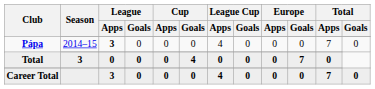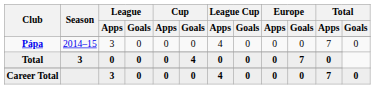 <table class="wikitable" style="font-size:90%; text-align: center;">
 <tr>
 <th rowspan="2">Club</th>
 <th rowspan="2">Season</th>
 <th colspan="2">League</th>
 <th colspan="2">Cup</th>
 <th colspan="2">League Cup</th>
 <th colspan="2">Europe</th>
 <th colspan="2">Total</th>
 </tr>
 <tr>
 <th>Apps</th>
 <th>Goals</th>
 <th>Apps</th>
 <th>Goals</th>
 <th>Apps</th>
 <th>Goals</th>
 <th>Apps</th>
 <th>Goals</th>
 <th>Apps</th>
 <th>Goals</th>
 </tr>
 <tr ||-||-||-|->
 <td rowspan="3" valign="center"><strong><a href='#'>Pápa</a></strong></td>
 </tr>
 <tr>
 <td><a href='#'>2014–15</a></td>
-<td><strong>3</strong></td>
+<td>3</td>
 <td>0</td>
 <td>0</td>
 <td>0</td>
 <td>4</td>
 <td>0</td>
 <td>0</td>
 <td>0</td>
 <td>7</td>
 <td>0</td>
 </tr>
 <tr>
 </tr>
 <tr style="font-weight:bold; background-color:#eeeeee;">
 <td>Total</td>
 <td>3</td>
 <td>0</td>
 <td>0</td>
 <td>0</td>
 <td>4</td>
 <td>0</td>
 <td>0</td>
 <td>0</td>
 <td>7</td>
 <td>0</td>
 </tr>
 <tr>
 </tr>
 <tr style="font-weight:bold; background-color:#eeeeee;">
 <td rowspan="2" valign="top"><strong>Career Total</strong></td>
 <td></td>
 <td><strong>3</strong></td>
 <td><strong>0</strong></td>
 <td><strong>0</strong></td>
 <td><strong>0</strong></td>
 <td><strong>4</strong></td>
 <td><strong>0</strong></td>
 <td><strong>0</strong></td>
 <td><strong>0</strong></td>
 <td><strong>7</strong></td>
 <td><strong>0</strong></td>
 </tr>
 </table>
